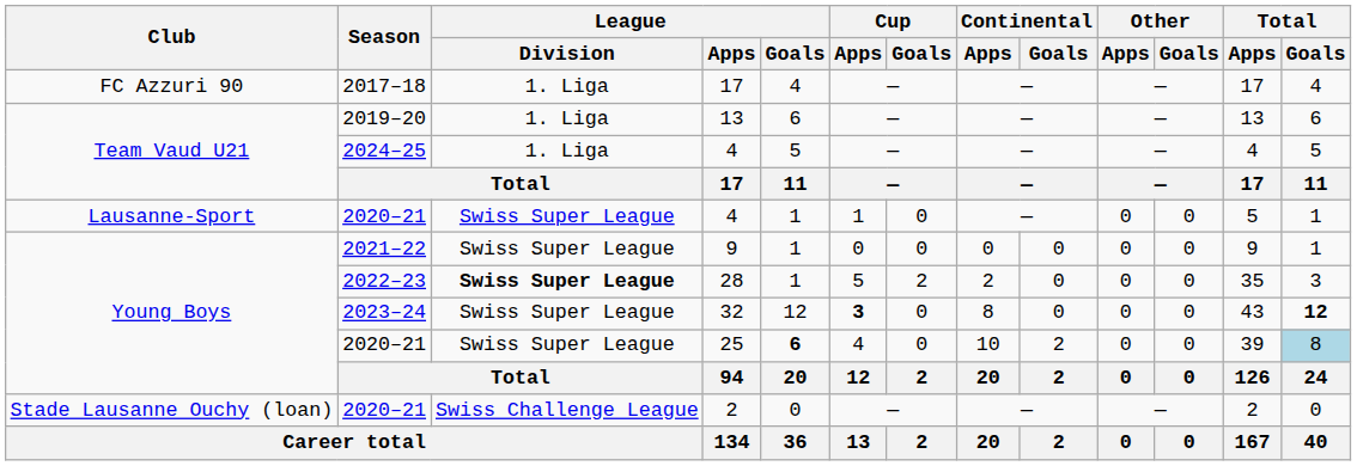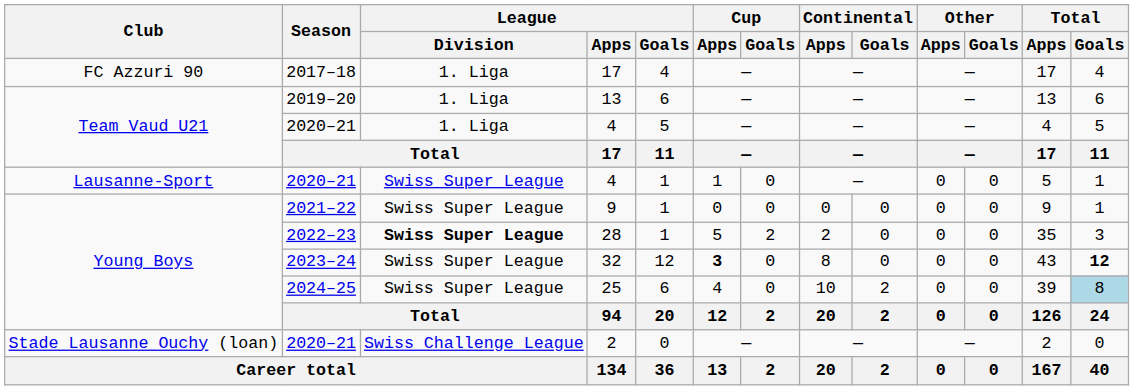 <table class="wikitable" style="text-align:center">
 <tr>
 <th rowspan="2">Club</th>
 <th rowspan="2">Season</th>
 <th colspan="3">League</th>
 <th colspan="2">Cup</th>
 <th colspan="2">Continental</th>
 <th colspan="2">Other</th>
 <th colspan="2">Total</th>
 </tr>
 <tr>
 <th>Division</th>
 <th>Apps</th>
 <th>Goals</th>
 <th>Apps</th>
 <th>Goals</th>
 <th>Apps</th>
 <th>Goals</th>
 <th>Apps</th>
 <th>Goals</th>
 <th>Apps</th>
 <th>Goals</th>
 </tr>
 <tr>
 <td>FC Azzuri 90</td>
 <td>2017–18</td>
 <td>1. Liga</td>
 <td>17</td>
 <td>4</td>
 <td colspan="2">—</td>
 <td colspan="2">—</td>
 <td colspan="2">—</td>
 <td>17</td>
 <td>4</td>
 </tr>
 <tr>
 <td rowspan="3"><a href='#'>Team Vaud U21</a></td>
 <td>2019–20</td>
 <td>1. Liga</td>
 <td>13</td>
 <td>6</td>
 <td colspan="2">—</td>
 <td colspan="2">—</td>
 <td colspan="2">—</td>
 <td>13</td>
 <td>6</td>
 </tr>
 <tr>
-<td><a href='#'>2024–25</a></td>
+<td>2020–21</td>
 <td>1. Liga</td>
 <td>4</td>
 <td>5</td>
 <td colspan="2">—</td>
 <td colspan="2">—</td>
 <td colspan="2">—</td>
 <td>4</td>
 <td>5</td>
 </tr>
 <tr>
 <th colspan="2">Total</th>
 <th>17</th>
 <th>11</th>
 <th colspan="2">—</th>
 <th colspan="2">—</th>
 <th colspan="2">—</th>
 <th>17</th>
 <th>11</th>
 </tr>
 <tr>
 <td><a href='#'>Lausanne-Sport</a></td>
 <td><a href='#'>2020–21</a></td>
 <td><a href='#'>Swiss Super League</a></td>
 <td>4</td>
 <td>1</td>
 <td>1</td>
 <td>0</td>
 <td colspan="2">—</td>
 <td>0</td>
 <td>0</td>
 <td>5</td>
 <td>1</td>
 </tr>
 <tr>
 <td rowspan="5"><a href='#'>Young Boys</a></td>
 <td><a href='#'>2021–22</a></td>
 <td>Swiss Super League</td>
 <td>9</td>
 <td>1</td>
 <td>0</td>
 <td>0</td>
 <td>0</td>
 <td>0</td>
 <td>0</td>
 <td>0</td>
 <td>9</td>
 <td>1</td>
 </tr>
 <tr>
 <td><a href='#'>2022–23</a></td>
 <td><strong>Swiss Super League</strong></td>
 <td>28</td>
 <td>1</td>
 <td>5</td>
 <td>2</td>
 <td>2</td>
 <td>0</td>
 <td>0</td>
 <td>0</td>
 <td>35</td>
 <td>3</td>
 </tr>
 <tr>
 <td><a href='#'>2023–24</a></td>
 <td>Swiss Super League</td>
 <td>32</td>
 <td>12</td>
 <td><strong>3</strong></td>
 <td>0</td>
 <td>8</td>
 <td>0</td>
 <td>0</td>
 <td>0</td>
 <td>43</td>
 <td><strong>12</strong></td>
 </tr>
 <tr>
-<td>2020–21</td>
+<td><a href='#'>2024–25</a></td>
 <td>Swiss Super League</td>
 <td>25</td>
-<td><strong>6</strong></td>
+<td>6</td>
 <td>4</td>
 <td>0</td>
 <td>10</td>
 <td>2</td>
 <td>0</td>
 <td>0</td>
 <td>39</td>
 <td style="background: lightblue;">8</td>
 </tr>
 <tr>
 <th colspan="2">Total</th>
 <th>94</th>
 <th>20</th>
 <th>12</th>
 <th>2</th>
 <th>20</th>
 <th>2</th>
 <th>0</th>
 <th>0</th>
 <th>126</th>
 <th>24</th>
 </tr>
 <tr>
 <td><a href='#'>Stade Lausanne Ouchy</a> (loan)</td>
 <td><a href='#'>2020–21</a></td>
 <td><a href='#'>Swiss Challenge League</a></td>
 <td>2</td>
 <td>0</td>
 <td colspan="2">—</td>
 <td colspan="2">—</td>
 <td colspan="2">—</td>
 <td>2</td>
 <td>0</td>
 </tr>
 <tr>
 <th colspan="3">Career total</th>
 <th>134</th>
 <th>36</th>
 <th>13</th>
 <th>2</th>
 <th>20</th>
 <th>2</th>
 <th>0</th>
 <th>0</th>
 <th>167</th>
 <th>40</th>
 </tr>
 </table>
